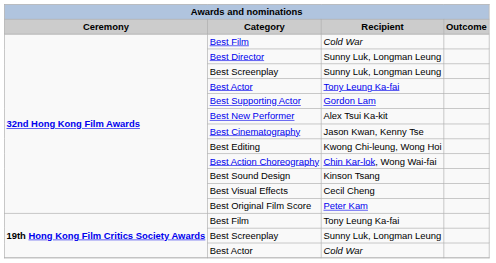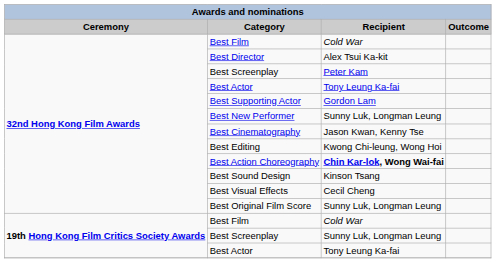 <table class="wikitable" style="font-size:95%;" ;>
 <tr style="background:#ccc; text-align:center;">
 <th colspan="4" style="background: LightSteelBlue;">Awards and nominations</th>
 </tr>
 <tr style="background:#ccc; text-align:center;">
 <th style="background:#ccc">Ceremony</th>
 <th style="background:#ccc">Category</th>
 <th style="background:#ccc">Recipient</th>
 <th style="background:#ccc">Outcome</th>
 </tr>
 <tr>
 <td rowspan=12><strong><a href='#'>32nd Hong Kong Film Awards</a></strong></td>
 <td><a href='#'>Best Film</a></td>
 <td><em>Cold War</em></td>
 <td></td>
 </tr>
 <tr>
 <td><a href='#'>Best Director</a></td>
-<td>Sunny Luk, Longman Leung</td>
+<td>Alex Tsui Ka-kit</td>
 <td></td>
 </tr>
 <tr>
 <td>Best Screenplay</td>
-<td>Sunny Luk, Longman Leung</td>
+<td><a href='#'>Peter Kam</a></td>
 <td></td>
 </tr>
 <tr>
 <td><a href='#'>Best Actor</a></td>
 <td><a href='#'>Tony Leung Ka-fai</a></td>
 <td></td>
 </tr>
 <tr>
 <td><a href='#'>Best Supporting Actor</a></td>
 <td><a href='#'>Gordon Lam</a></td>
 <td></td>
 </tr>
 <tr>
 <td><a href='#'>Best New Performer</a></td>
-<td>Alex Tsui Ka-kit</td>
+<td>Sunny Luk, Longman Leung</td>
 <td></td>
 </tr>
 <tr>
 <td><a href='#'>Best Cinematography</a></td>
 <td>Jason Kwan, Kenny Tse</td>
 <td></td>
 </tr>
 <tr>
 <td>Best Editing</td>
 <td>Kwong Chi-leung, Wong Hoi</td>
 <td></td>
 </tr>
 <tr>
 <td><a href='#'>Best Action Choreography</a></td>
-<td><a href='#'>Chin Kar-lok</a>, Wong Wai-fai</td>
+<td><strong><a href='#'>Chin Kar-lok</a>, Wong Wai-fai</strong></td>
 <td></td>
 </tr>
 <tr>
 <td>Best Sound Design</td>
 <td>Kinson Tsang</td>
 <td></td>
 </tr>
 <tr>
 <td>Best Visual Effects</td>
 <td>Cecil Cheng</td>
 <td></td>
 </tr>
 <tr>
 <td>Best Original Film Score</td>
-<td><a href='#'>Peter Kam</a></td>
+<td>Sunny Luk, Longman Leung</td>
 <td></td>
 </tr>
 <tr>
 <td rowspan=3><strong>19th <a href='#'>Hong Kong Film Critics Society Awards</a></strong></td>
 <td>Best Film</td>
-<td>Tony Leung Ka-fai</td>
+<td><em>Cold War</em></td>
 <td></td>
 </tr>
 <tr>
 <td>Best Screenplay</td>
 <td>Sunny Luk, Longman Leung</td>
 <td></td>
 </tr>
 <tr>
 <td>Best Actor</td>
-<td><em>Cold War</em></td>
+<td>Tony Leung Ka-fai</td>
 <td></td>
 </tr>
 <tr>
 </tr>
 </table>
